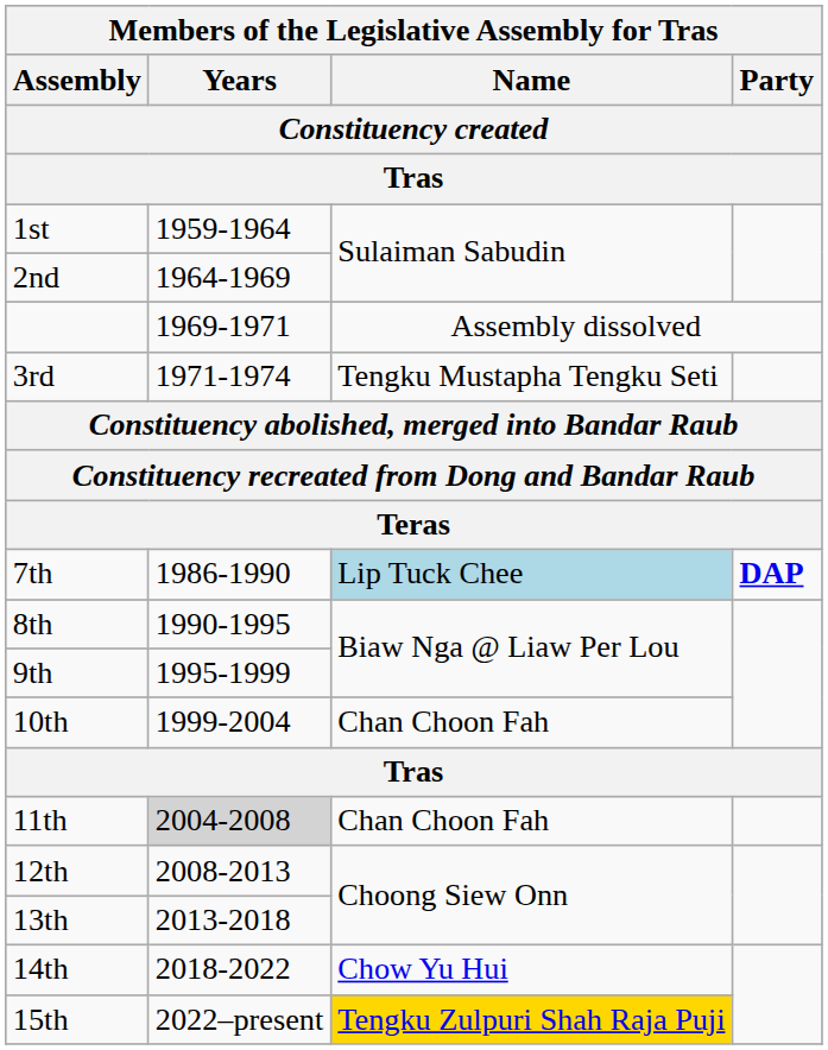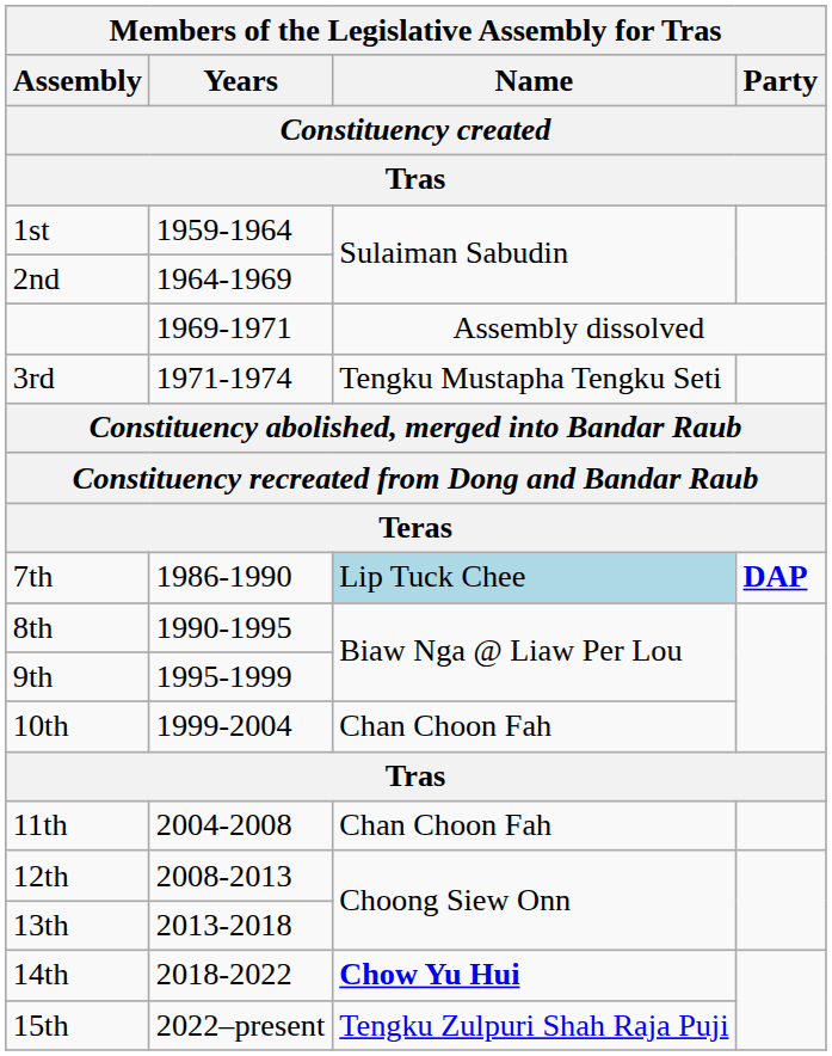 <table class="wikitable">
 <tr>
 <th colspan="4">Members of the Legislative Assembly for Tras</th>
 </tr>
 <tr>
 <th>Assembly</th>
 <th>Years</th>
 <th>Name</th>
 <th>Party</th>
 </tr>
 <tr>
 <th colspan="4"><em>Constituency created</em></th>
 </tr>
 <tr>
 <th colspan=4 align=center>Tras</th>
 </tr>
 <tr>
 <td>1st</td>
 <td>1959-1964</td>
 <td rowspan="2">Sulaiman Sabudin</td>
 <td rowspan="2"></td>
 </tr>
 <tr>
 <td>2nd</td>
 <td>1964-1969</td>
 </tr>
 <tr>
 <td></td>
 <td>1969-1971</td>
 <td colspan=2 align=center>Assembly dissolved</td>
 </tr>
 <tr>
 <td>3rd</td>
 <td>1971-1974</td>
 <td>Tengku Mustapha Tengku Seti</td>
 <td></td>
 </tr>
 <tr>
 <th colspan="4"><em>Constituency abolished, merged into Bandar Raub</em></th>
 </tr>
 <tr>
 <th colspan="4"><em>Constituency recreated from Dong and Bandar Raub</em></th>
 </tr>
 <tr>
 <th colspan=4 align=center>Teras</th>
 </tr>
 <tr>
 <td>7th</td>
 <td>1986-1990</td>
 <td style="background: lightblue;">Lip Tuck Chee</td>
 <td><strong><a href='#'>DAP</a></strong></td>
 </tr>
 <tr>
 <td>8th</td>
 <td>1990-1995</td>
 <td rowspan="2">Biaw Nga @ Liaw Per Lou</td>
 <td rowspan="3"></td>
 </tr>
 <tr>
 <td>9th</td>
 <td>1995-1999</td>
 </tr>
 <tr>
 <td>10th</td>
 <td>1999-2004</td>
 <td>Chan Choon Fah</td>
 </tr>
 <tr>
 <th colspan=4 align=center>Tras</th>
 </tr>
 <tr>
 <td>11th</td>
-<td style="background: lightgrey;">2004-2008</td>
+<td>2004-2008</td>
 <td>Chan Choon Fah</td>
 <td></td>
 </tr>
 <tr>
 <td>12th</td>
 <td>2008-2013</td>
 <td rowspan="2">Choong Siew Onn</td>
 <td rowspan="2"></td>
 </tr>
 <tr>
 <td>13th</td>
 <td>2013-2018</td>
 </tr>
 <tr>
 <td>14th</td>
 <td>2018-2022</td>
-<td><a href='#'>Chow Yu Hui</a></td>
+<td><strong><a href='#'>Chow Yu Hui</a></strong></td>
 <td rowspan="2"></td>
 </tr>
 <tr>
 <td>15th</td>
 <td>2022–present</td>
-<td style="background: gold;"><a href='#'>Tengku Zulpuri Shah Raja Puji</a></td>
+<td><a href='#'>Tengku Zulpuri Shah Raja Puji</a></td>
 </tr>
 </table>
